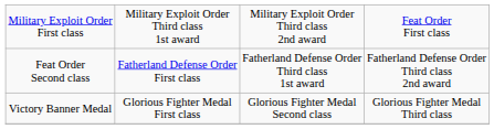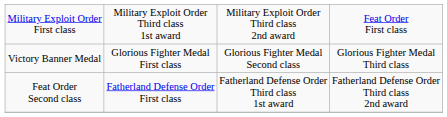 <table class="wikitable" style="margin:1em auto; text-align:center;">
 <tr>
 <td><a href='#'>Military Exploit Order</a><br>First class</td>
 <td>Military Exploit Order<br>Third class<br>1st award</td>
 <td>Military Exploit Order<br>Third class<br>2nd award</td>
 <td><a href='#'>Feat Order</a><br>First class</td>
 </tr>
 <tr>
+<td>Victory Banner Medal</td>
+<td>Glorious Fighter Medal<br>First class</td>
+<td>Glorious Fighter Medal<br>Second class</td>
+<td>Glorious Fighter Medal<br>Third class</td>
+</tr>
+<tr>
 <td>Feat Order<br>Second class</td>
 <td><a href='#'>Fatherland Defense Order</a><br>First class</td>
 <td>Fatherland Defense Order<br>Third class<br>1st award</td>
 <td>Fatherland Defense Order<br>Third class<br>2nd award</td>
 </tr>
 <tr>
-<td>Victory Banner Medal</td>
-<td>Glorious Fighter Medal<br>First class</td>
-<td>Glorious Fighter Medal<br>Second class</td>
-<td>Glorious Fighter Medal<br>Third class</td>
-</tr>
-<tr>
 </tr>
 </table>
